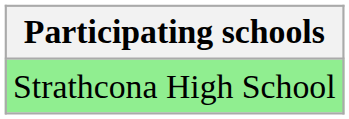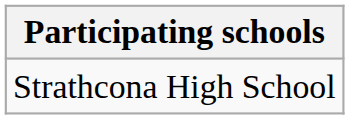 <table class="wikitable" align=right>
 <tr>
 <th>Participating schools</th>
 </tr>
 <tr>
-<td style="background: lightgreen;">Strathcona High School</td>
+<td>Strathcona High School</td>
 </tr>
 </table>
